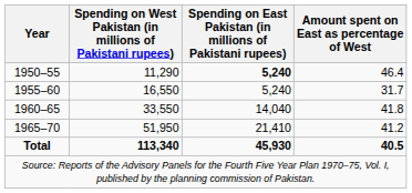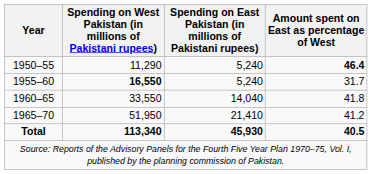 <table class="wikitable" style="margin:0 auto; width:550px;text-align:center;">
 <tr>
 <th width=16%>Year</th>
 <th width=28%>Spending on West Pakistan (in millions of <a href='#'>Pakistani rupees</a>)</th>
 <th width=28%>Spending on East Pakistan (in millions of Pakistani rupees)</th>
 <th width=28%>Amount spent on East as percentage of West</th>
 </tr>
 <tr>
 <td>1950–55</td>
 <td style="text-align:right;">11,290</td>
-<td style="text-align:right;"><strong>5,240</strong></td>
-<td style="text-align:right;">46.4</td>
+<td style="text-align:right;">5,240</td>
+<td style="text-align:right;"><strong>46.4</strong></td>
 </tr>
 <tr>
 <td>1955–60</td>
-<td style="text-align:right;">16,550</td>
+<td style="text-align:right;"><strong>16,550</strong></td>
 <td style="text-align:right;">5,240</td>
 <td style="text-align:right;">31.7</td>
 </tr>
 <tr>
 <td>1960–65</td>
 <td style="text-align:right;">33,550</td>
 <td align="right">14,040</td>
 <td style="text-align:right;">41.8</td>
 </tr>
 <tr>
 <td>1965–70</td>
 <td align="right">51,950</td>
 <td align="right">21,410</td>
 <td style="text-align:right;">41.2</td>
 </tr>
 <tr>
 <td><strong>Total</strong></td>
 <td align="right"><strong>113,340</strong></td>
 <td align="right"><strong>45,930</strong></td>
 <td style="text-align:right;"><strong>40.5</strong></td>
 </tr>
 <tr>
 <td colspan="4"><small><em>Source: Reports of the Advisory Panels for the Fourth Five Year Plan 1970–75, Vol. I,<br> published by the planning commission of Pakistan.</em></small></td>
 </tr>
 </table>
